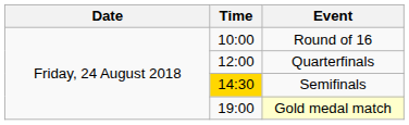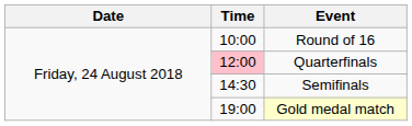 <table class = "wikitable" style="text-align:center;">
 <tr>
 <th width=220>Date</th>
 <th width=50>Time</th>
 <th width=150>Event</th>
 </tr>
 <tr>
 <td rowspan=4>Friday, 24 August 2018</td>
 <td>10:00</td>
 <td>Round of 16</td>
 </tr>
 <tr>
-<td>12:00</td>
+<td style="background: pink;">12:00</td>
 <td>Quarterfinals</td>
 </tr>
 <tr>
-<td style="background: gold;">14:30</td>
+<td>14:30</td>
 <td>Semifinals</td>
 </tr>
 <tr>
 <td>19:00</td>
 <td bgcolor=ffffcc>Gold medal match</td>
 </tr>
 </table>
